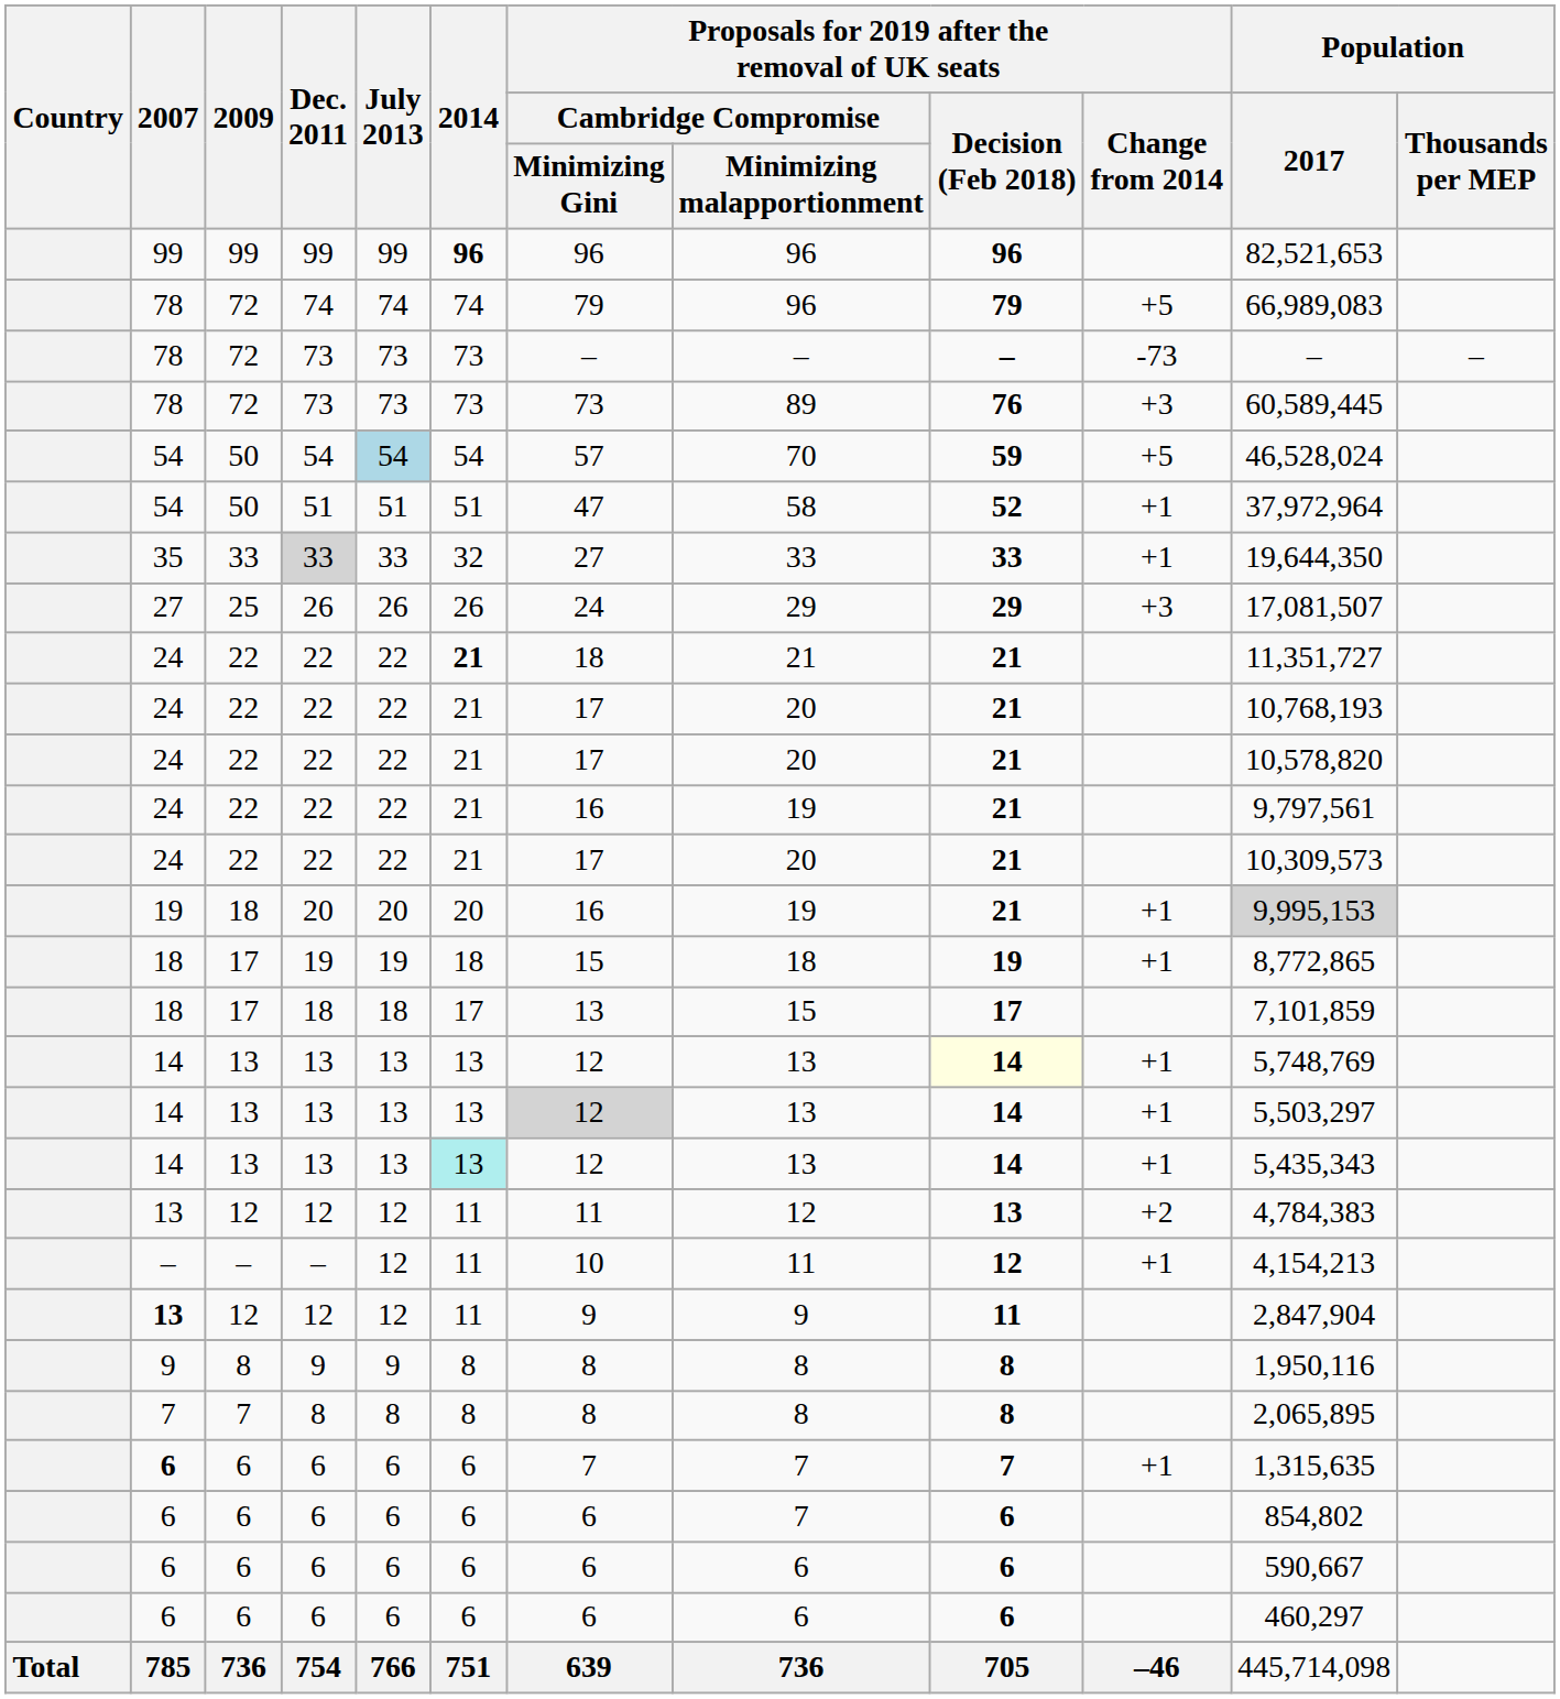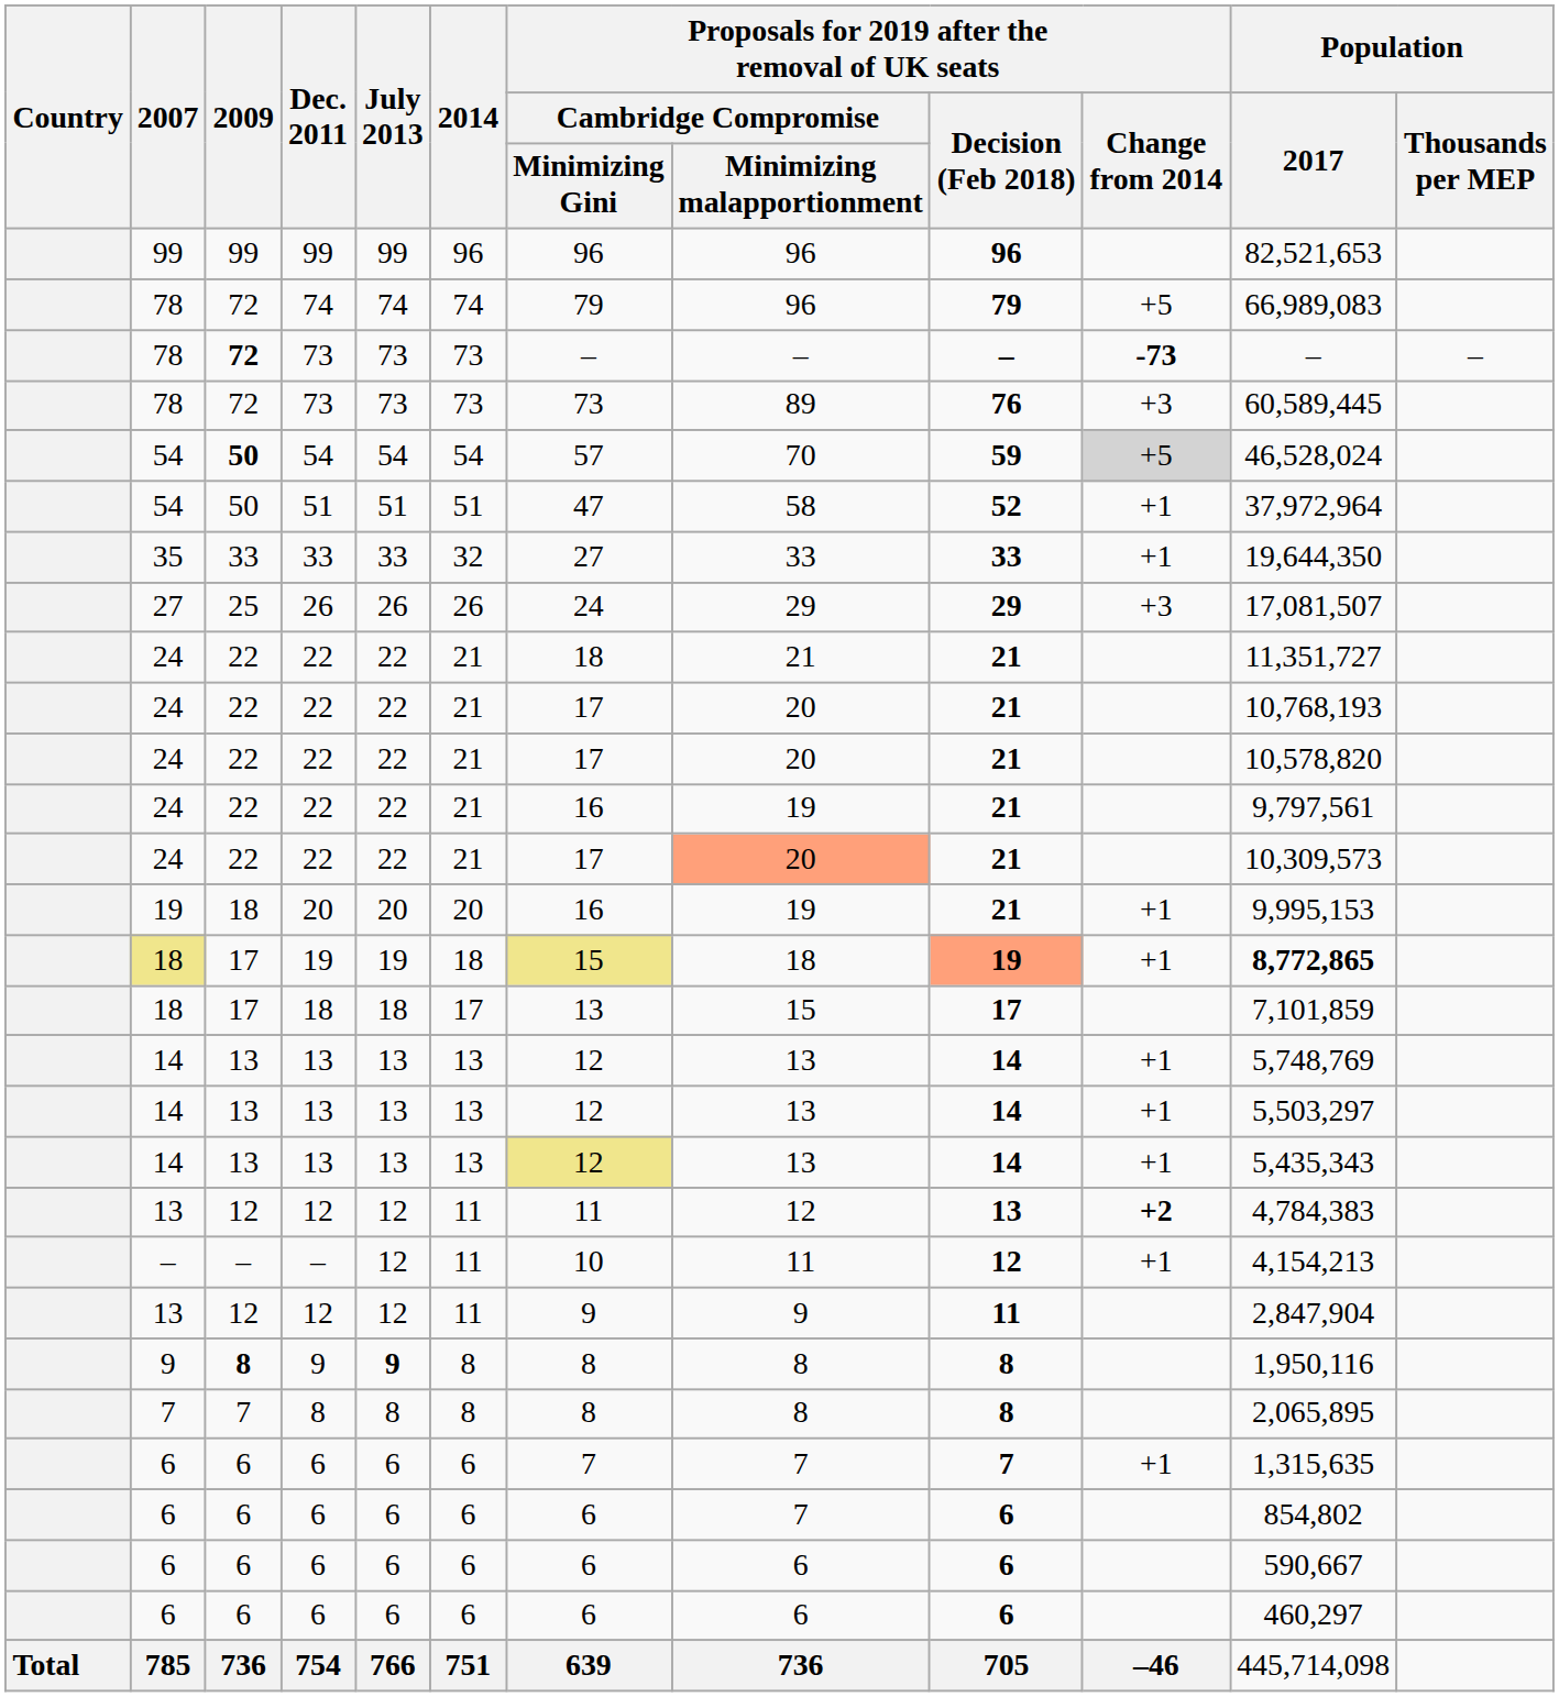 <table class="wikitable sortable" style="text-align:center; font-size:90%;">
 <tr>
 <th rowspan=3>Country</th>
 <th rowspan=3>2007</th>
 <th rowspan=3>2009</th>
 <th rowspan=3>Dec.<br>2011</th>
 <th rowspan=3>July <br> 2013</th>
 <th rowspan=3>2014</th>
 <th colspan=4>Proposals for 2019 after the<br>removal of UK seats</th>
 <th colspan=2>Population</th>
 </tr>
 <tr>
 <th colspan=2>Cambridge Compromise</th>
 <th rowspan=2>Decision <br>(Feb 2018)</th>
 <th rowspan=2>Change <br> from 2014</th>
 <th rowspan=2>2017</th>
 <th rowspan=2>Thousands <br> per MEP</th>
 </tr>
 <tr>
 <th>Minimizing <br> Gini</th>
 <th>Minimizing <br> malapportionment</th>
 </tr>
 <tr>
 <th style="text-align:left"></th>
 <td>99</td>
 <td>99</td>
 <td>99</td>
 <td>99</td>
-<td><strong>96</strong></td>
+<td>96</td>
 <td>96</td>
 <td>96</td>
 <td style="font-weight:bold">96</td>
 <td></td>
 <td>82,521,653</td>
 <td></td>
 </tr>
 <tr>
 <th style="text-align:left"></th>
 <td>78</td>
 <td>72</td>
 <td>74</td>
 <td>74</td>
 <td>74</td>
 <td>79</td>
 <td>96</td>
 <td style="font-weight:bold">79</td>
 <td> +5</td>
 <td>66,989,083</td>
 <td></td>
 </tr>
 <tr>
 <th style="text-align:left"></th>
 <td>78</td>
-<td>72</td>
+<td><strong>72</strong></td>
 <td>73</td>
 <td>73</td>
 <td>73</td>
 <td>–</td>
 <td>–</td>
 <td style="font-weight:bold">–</td>
-<td> -73</td>
+<td><strong> -73</strong></td>
 <td>–</td>
 <td>–</td>
 </tr>
 <tr>
 <th style="text-align:left"></th>
 <td>78</td>
 <td>72</td>
 <td>73</td>
 <td>73</td>
 <td>73</td>
 <td>73</td>
 <td>89</td>
 <td style="font-weight:bold">76</td>
 <td> +3</td>
 <td>60,589,445</td>
 <td></td>
 </tr>
 <tr>
 <th style="text-align:left"></th>
 <td>54</td>
-<td>50</td>
+<td><strong>50</strong></td>
 <td>54</td>
-<td style="background: lightblue;">54</td>
+<td>54</td>
 <td>54</td>
 <td>57</td>
 <td>70</td>
 <td style="font-weight:bold">59</td>
-<td> +5</td>
+<td style="background: lightgrey;"> +5</td>
 <td>46,528,024</td>
 <td></td>
 </tr>
 <tr>
 <th style="text-align:left"></th>
 <td>54</td>
 <td>50</td>
 <td>51</td>
 <td>51</td>
 <td>51</td>
 <td>47</td>
 <td>58</td>
 <td style="font-weight:bold">52</td>
 <td> +1</td>
 <td>37,972,964</td>
 <td></td>
 </tr>
 <tr>
 <th style="text-align:left"></th>
 <td>35</td>
 <td>33</td>
-<td style="background: lightgrey;">33</td>
+<td>33</td>
 <td>33</td>
 <td>32</td>
 <td>27</td>
 <td>33</td>
 <td style="font-weight:bold">33</td>
 <td> +1</td>
 <td>19,644,350</td>
 <td></td>
 </tr>
 <tr>
 <th style="text-align:left"></th>
 <td>27</td>
 <td>25</td>
 <td>26</td>
 <td>26</td>
 <td>26</td>
 <td>24</td>
 <td>29</td>
 <td style="font-weight:bold">29</td>
 <td> +3</td>
 <td>17,081,507</td>
 <td></td>
 </tr>
 <tr>
 <th style="text-align:left"></th>
 <td>24</td>
 <td>22</td>
 <td>22</td>
 <td>22</td>
-<td><strong>21</strong></td>
+<td>21</td>
 <td>18</td>
 <td>21</td>
 <td style="font-weight:bold">21</td>
 <td></td>
 <td>11,351,727</td>
 <td></td>
 </tr>
 <tr>
 <th style="text-align:left"></th>
 <td>24</td>
 <td>22</td>
 <td>22</td>
 <td>22</td>
 <td>21</td>
 <td>17</td>
 <td>20</td>
 <td style="font-weight:bold">21</td>
 <td></td>
 <td>10,768,193</td>
 <td></td>
 </tr>
 <tr>
 <th style="text-align:left"></th>
 <td>24</td>
 <td>22</td>
 <td>22</td>
 <td>22</td>
 <td>21</td>
 <td>17</td>
 <td>20</td>
 <td style="font-weight:bold">21</td>
 <td></td>
 <td>10,578,820</td>
 <td></td>
 </tr>
 <tr>
 <th style="text-align:left"></th>
 <td>24</td>
 <td>22</td>
 <td>22</td>
 <td>22</td>
 <td>21</td>
 <td>16</td>
 <td>19</td>
 <td style="font-weight:bold">21</td>
 <td></td>
 <td>9,797,561</td>
 <td></td>
 </tr>
 <tr>
 <th style="text-align:left"></th>
 <td>24</td>
 <td>22</td>
 <td>22</td>
 <td>22</td>
 <td>21</td>
 <td>17</td>
-<td>20</td>
+<td style="background: lightsalmon;">20</td>
 <td style="font-weight:bold">21</td>
 <td></td>
 <td>10,309,573</td>
 <td></td>
 </tr>
 <tr>
 <th style="text-align:left"></th>
 <td>19</td>
 <td>18</td>
 <td>20</td>
 <td>20</td>
 <td>20</td>
 <td>16</td>
 <td>19</td>
 <td style="font-weight:bold">21</td>
 <td> +1</td>
-<td style="background: lightgrey;">9,995,153</td>
+<td>9,995,153</td>
 <td></td>
 </tr>
 <tr>
 <th style="text-align:left"></th>
-<td>18</td>
+<td style="background: khaki;">18</td>
 <td>17</td>
 <td>19</td>
 <td>19</td>
 <td>18</td>
-<td>15</td>
+<td style="background: khaki;">15</td>
 <td>18</td>
-<td style="font-weight:bold">19</td>
+<td style="background: lightsalmon; font-weight:bold">19</td>
 <td> +1</td>
-<td>8,772,865</td>
+<td><strong>8,772,865</strong></td>
 <td></td>
 </tr>
 <tr>
 <th style="text-align:left"></th>
 <td>18</td>
 <td>17</td>
 <td>18</td>
 <td>18</td>
 <td>17</td>
 <td>13</td>
 <td>15</td>
 <td style="font-weight:bold">17</td>
 <td></td>
 <td>7,101,859</td>
 <td></td>
 </tr>
 <tr>
 <th style="text-align:left"></th>
 <td>14</td>
 <td>13</td>
 <td>13</td>
 <td>13</td>
 <td>13</td>
 <td>12</td>
 <td>13</td>
-<td style="background: lightyellow; font-weight:bold">14</td>
+<td style="font-weight:bold">14</td>
 <td> +1</td>
 <td>5,748,769</td>
 <td></td>
 </tr>
 <tr>
 <th style="text-align:left"></th>
 <td>14</td>
 <td>13</td>
 <td>13</td>
 <td>13</td>
 <td>13</td>
-<td style="background: lightgrey;">12</td>
+<td>12</td>
 <td>13</td>
 <td style="font-weight:bold">14</td>
 <td> +1</td>
 <td>5,503,297</td>
 <td></td>
 </tr>
 <tr>
 <th style="text-align:left"></th>
 <td>14</td>
 <td>13</td>
 <td>13</td>
 <td>13</td>
-<td style="background: paleturquoise;">13</td>
-<td>12</td>
+<td>13</td>
+<td style="background: khaki;">12</td>
 <td>13</td>
 <td style="font-weight:bold">14</td>
 <td> +1</td>
 <td>5,435,343</td>
 <td></td>
 </tr>
 <tr>
 <th style="text-align:left"></th>
 <td>13</td>
 <td>12</td>
 <td>12</td>
 <td>12</td>
 <td>11</td>
 <td>11</td>
 <td>12</td>
 <td style="font-weight:bold">13</td>
-<td> +2</td>
+<td><strong> +2</strong></td>
 <td>4,784,383</td>
 <td></td>
 </tr>
 <tr>
 <th style="text-align:left"></th>
 <td>–</td>
 <td>–</td>
 <td>–</td>
 <td>12</td>
 <td>11</td>
 <td>10</td>
 <td>11</td>
 <td style="font-weight:bold">12</td>
 <td> +1</td>
 <td>4,154,213</td>
 <td></td>
 </tr>
 <tr>
 <th style="text-align:left"></th>
-<td><strong>13</strong></td>
+<td>13</td>
 <td>12</td>
 <td>12</td>
 <td>12</td>
 <td>11</td>
 <td>9</td>
 <td>9</td>
 <td style="font-weight:bold">11</td>
 <td></td>
 <td>2,847,904</td>
 <td></td>
 </tr>
 <tr>
 <th style="text-align:left"></th>
 <td>9</td>
-<td>8</td>
+<td><strong>8</strong></td>
 <td>9</td>
-<td>9</td>
+<td><strong>9</strong></td>
 <td>8</td>
 <td>8</td>
 <td>8</td>
 <td style="font-weight:bold">8</td>
 <td></td>
 <td>1,950,116</td>
 <td></td>
 </tr>
 <tr>
 <th style="text-align:left"></th>
 <td>7</td>
 <td>7</td>
 <td>8</td>
 <td>8</td>
 <td>8</td>
 <td>8</td>
 <td>8</td>
 <td style="font-weight:bold">8</td>
 <td></td>
 <td>2,065,895</td>
 <td></td>
 </tr>
 <tr>
 <th style="text-align:left"></th>
-<td><strong>6</strong></td>
+<td>6</td>
 <td>6</td>
 <td>6</td>
 <td>6</td>
 <td>6</td>
 <td>7</td>
 <td>7</td>
 <td style="font-weight:bold">7</td>
 <td> +1</td>
 <td>1,315,635</td>
 <td></td>
 </tr>
 <tr>
 <th style="text-align:left"></th>
 <td>6</td>
 <td>6</td>
 <td>6</td>
 <td>6</td>
 <td>6</td>
 <td>6</td>
 <td>7</td>
 <td style="font-weight:bold">6</td>
 <td></td>
 <td>854,802</td>
 <td></td>
 </tr>
 <tr>
 <th style="text-align:left"></th>
 <td>6</td>
 <td>6</td>
 <td>6</td>
 <td>6</td>
 <td>6</td>
 <td>6</td>
 <td>6</td>
 <td style="font-weight:bold">6</td>
 <td></td>
 <td>590,667</td>
 <td></td>
 </tr>
 <tr>
 <th style="text-align:left"></th>
 <td>6</td>
 <td>6</td>
 <td>6</td>
 <td>6</td>
 <td>6</td>
 <td>6</td>
 <td>6</td>
 <td style="font-weight:bold">6</td>
 <td></td>
 <td>460,297</td>
 <td></td>
 </tr>
 <tr>
 <th style="text-align:left">Total</th>
 <th>785</th>
 <th>736</th>
 <th>754</th>
 <th>766</th>
 <th>751</th>
 <th>639</th>
 <th>736</th>
 <th>705</th>
 <th> –46</th>
 <td>445,714,098</td>
 <td></td>
 </tr>
 </table>
